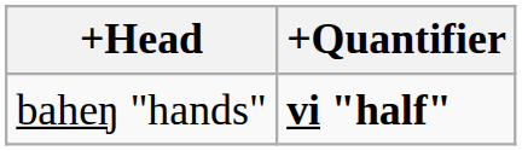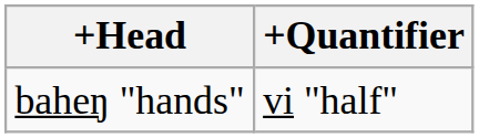 <table class="wikitable">
 <tr>
 <th>+Head</th>
 <th>+Quantifier</th>
 </tr>
 <tr>
 <td><u>baheŋ</u> "hands"</td>
-<td><strong><u>vi</u> "half"</strong></td>
+<td><u>vi</u> "half"</td>
 </tr>
 </table>
